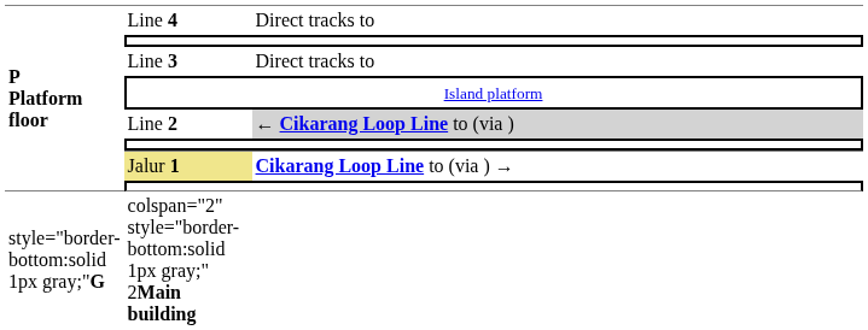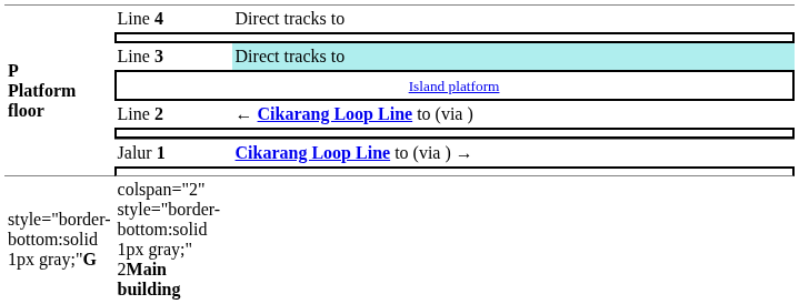 <table cellspacing=0 cellpadding=3>
 <tr>
 <td style="border-top:solid 1px gray; border-bottom:solid 1px gray" rowspan=8 width=75><strong>P<br>Platform floor</strong></td>
 <td style="border-top:solid 1px gray;">Line <strong>4</strong></td>
 <td style="border-top:solid 1px gray;">Direct tracks to </td>
 </tr>
 <tr>
 <td style="border-top:solid 2px black;border-right:solid 2px black;border-left:solid 2px black;border-bottom:solid 2px black;text-align:center;" colspan=2></td>
 </tr>
 <tr>
 <td>Line <strong>3</strong></td>
-<td>Direct tracks to </td>
+<td style="background: paleturquoise;">Direct tracks to </td>
 </tr>
 <tr>
 <td style="border-top:solid 2px black;border-right:solid 2px black;border-left:solid 2px black;border-bottom:solid 2px black;text-align:center;" colspan=2><small><a href='#'>Island platform</a></small></td>
 </tr>
 <tr>
 <td>Line <strong>2</strong></td>
-<td style="background: lightgrey;">←   <strong><a href='#'>Cikarang Loop Line</a></strong> to  (via )</td>
+<td>←   <strong><a href='#'>Cikarang Loop Line</a></strong> to  (via )</td>
 </tr>
 <tr>
 <td style="border-top:solid 2px black;border-right:solid 2px black;border-left:solid 2px black;border-bottom:solid 2px black;text-align:center;" colspan="2"></td>
 </tr>
 <tr>
-<td style="background: khaki; border-top:solid 1px gray;" width=100>Jalur <strong>1</strong></td>
+<td style="border-top:solid 1px gray;" width=100>Jalur <strong>1</strong></td>
 <td style="border-top:solid 1px gray;" width=500> <strong><a href='#'>Cikarang Loop Line</a></strong> to  (via )  →</td>
 </tr>
 <tr>
 <td style="border-top:solid 2px black;border-right:solid 2px black;border-left:solid 2px black;border-bottom:solid 1px gray;text-align:center;" colspan=2></td>
 </tr>
 <tr>
 <td>style="border-bottom:solid 1px gray;"<strong>G</strong></td>
 <td>colspan="2" style="border-bottom:solid 1px gray;" 2<strong>Main building</strong></td>
 </tr>
 </table>
